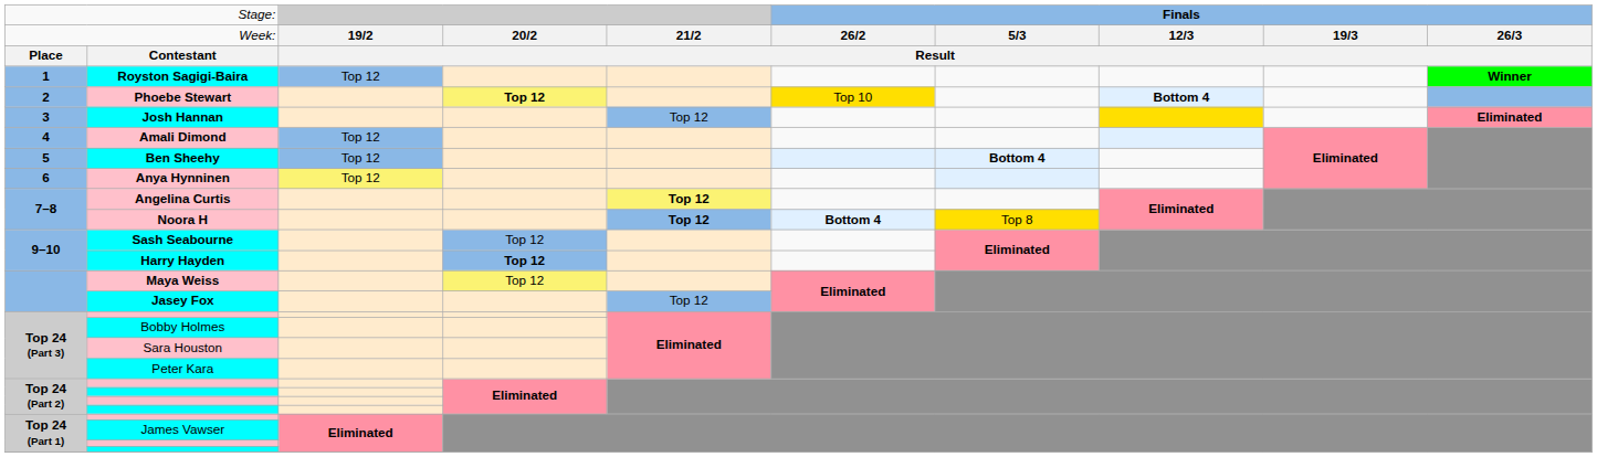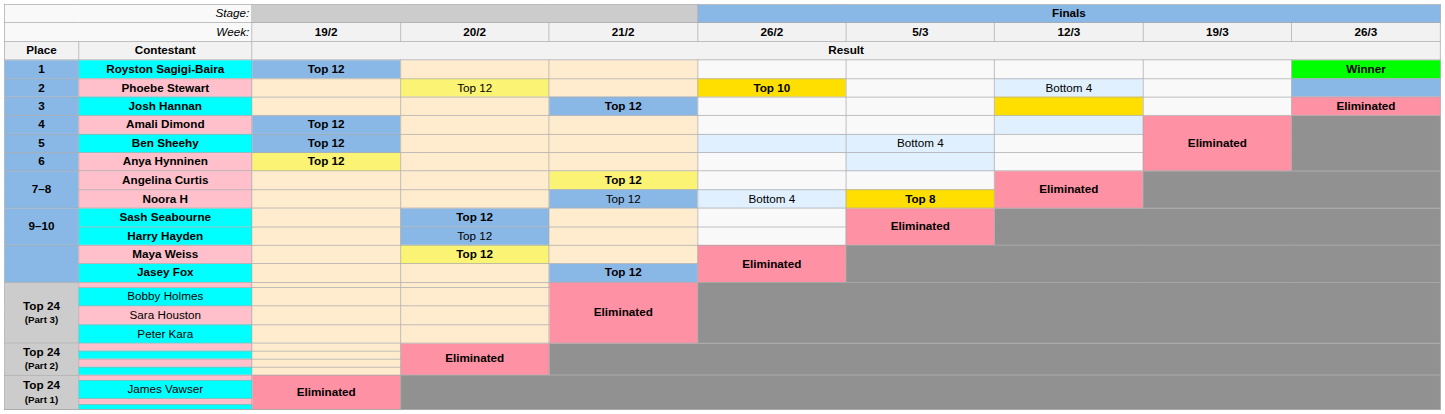 <table class="wikitable plainrowheaders" style="text-align:center;">
 <tr>
 <td colspan="2" style="text-align:right;"><em>Stage:</em></td>
 <td colspan="3"  width=6% style="background:#ccc;"></td>
 <td colspan=5 style="background:#8ab8e6;"><strong>Finals</strong></td>
 </tr>
 <tr>
 <td colspan="2" style="text-align:right;" width=10%><em>Week:</em></td>
 <th width=6%>19/2</th>
 <th width=6%>20/2</th>
 <th width=6%>21/2</th>
 <th width=6%>26/2</th>
 <th width=6%>5/3</th>
 <th width=6%>12/3</th>
 <th width=6%>19/3</th>
 <th width=6%>26/3</th>
 </tr>
 <tr>
 <th width=3%>Place</th>
 <th>Contestant</th>
 <th colspan="8">Result</th>
 </tr>
 <tr>
 <td style="background:#8ab8e6;"><strong>1</strong></td>
 <td style="background:cyan;"><strong>Royston Sagigi-Baira</strong></td>
-<td style="background:#8ab8e6;">Top 12</td>
+<td style="background:#8ab8e6;"><strong>Top 12</strong></td>
 <td style="background:#FFEBCD;"></td>
 <td style="background:#FFEBCD;"></td>
 <td></td>
 <td></td>
 <td></td>
 <td></td>
 <td rowspan=1 style="background:lime"><strong>Winner</strong></td>
 </tr>
 <tr>
 <td style="background:#8ab8e6;"><strong>2</strong></td>
 <td style="background:pink;"><strong>Phoebe Stewart</strong></td>
 <td style="background:#FFEBCD;"></td>
-<td style="background:#fbf373"><strong>Top 12</strong></td>
+<td style="background:#fbf373">Top 12</td>
 <td style="background:#FFEBCD;"></td>
-<td style="background:#ffdf00;">Top 10</td>
+<td style="background:#ffdf00;"><strong>Top 10</strong></td>
 <td></td>
-<td style="background:#e0f0ff;"><strong>Bottom 4</strong></td>
+<td style="background:#e0f0ff;">Bottom 4</td>
 <td></td>
 <td style="background:#8ab8e6;"></td>
 </tr>
 <tr>
 <td style="background:#8ab8e6;"><strong>3</strong></td>
 <td style="background:cyan;"><strong>Josh Hannan</strong></td>
 <td style="background:#FFEBCD;"></td>
 <td style="background:#FFEBCD;"></td>
-<td style="background:#8ab8e6;">Top 12</td>
+<td style="background:#8ab8e6;"><strong>Top 12</strong></td>
 <td></td>
 <td></td>
 <td style="background:#ffdf00;"></td>
 <td></td>
 <td rowspan=1 style="background:#FF91A4;"><strong>Eliminated</strong></td>
 </tr>
 <tr>
 <td style="background:#8ab8e6;"><strong>4</strong></td>
 <td style="background:pink;"><strong>Amali Dimond</strong></td>
-<td style="background:#8ab8e6;">Top 12</td>
+<td style="background:#8ab8e6;"><strong>Top 12</strong></td>
 <td style="background:#FFEBCD;"></td>
 <td style="background:#FFEBCD;"></td>
 <td></td>
 <td></td>
 <td style="background:#e0f0ff;"></td>
 <td rowspan=3 style="background:#FF91A4;"><strong>Eliminated</strong></td>
 <td colspan=2 rowspan=3 style="background:#919191;"></td>
 </tr>
 <tr>
 <td style="background:#8ab8e6;"><strong>5</strong></td>
 <td style="background:cyan;"><strong>Ben Sheehy</strong></td>
-<td style="background:#8ab8e6;">Top 12</td>
+<td style="background:#8ab8e6;"><strong>Top 12</strong></td>
 <td style="background:#FFEBCD;"></td>
 <td style="background:#FFEBCD;"></td>
 <td style="background:#e0f0ff;"></td>
-<td style="background:#e0f0ff;"><strong>Bottom 4</strong></td>
+<td style="background:#e0f0ff;">Bottom 4</td>
 <td></td>
 </tr>
 <tr>
 <td style="background:#8ab8e6;"><strong>6</strong></td>
 <td style="background:pink;"><strong>Anya Hynninen</strong></td>
-<td style="background:#fbf373">Top 12</td>
+<td style="background:#fbf373"><strong>Top 12</strong></td>
 <td style="background:#FFEBCD;"></td>
 <td style="background:#FFEBCD;"></td>
 <td></td>
 <td style="background:#e0f0ff;"></td>
 <td></td>
 </tr>
 <tr>
 <td style="background:#8ab8e6;" rowspan="2"><strong>7–8</strong></td>
 <td style="background:pink;"><strong>Angelina Curtis</strong></td>
 <td style="background:#FFEBCD;"></td>
 <td style="background:#FFEBCD;"></td>
 <td style="background:#fbf373"><strong>Top 12</strong></td>
 <td></td>
 <td></td>
 <td rowspan=2 style="background:#FF91A4;"><strong>Eliminated</strong></td>
 <td colspan=2 rowspan=2 style="background:#919191;"></td>
 </tr>
 <tr>
 <td style="background:pink;"><strong>Noora H</strong></td>
 <td style="background:#FFEBCD;"></td>
 <td style="background:#FFEBCD;"></td>
-<td style="background:#8ab8e6;"><strong>Top 12</strong></td>
-<td style="background:#e0f0ff;"><strong>Bottom 4</strong></td>
-<td style="background:#ffdf00;">Top 8</td>
+<td style="background:#8ab8e6;">Top 12</td>
+<td style="background:#e0f0ff;">Bottom 4</td>
+<td style="background:#ffdf00;"><strong>Top 8</strong></td>
 </tr>
 <tr>
 <td style="background:#8ab8e6;" rowspan="2"><strong>9–10</strong></td>
 <td style="background:cyan;"><strong>Sash Seabourne</strong></td>
 <td style="background:#FFEBCD;"></td>
-<td style="background:#8ab8e6;">Top 12</td>
+<td style="background:#8ab8e6;"><strong>Top 12</strong></td>
 <td style="background:#FFEBCD;"></td>
 <td></td>
 <td rowspan=2 style="background:#FF91A4;"><strong>Eliminated</strong></td>
 <td colspan=3 rowspan=2 style="background:#919191;"></td>
 </tr>
 <tr>
 <td style="background:cyan;"><strong>Harry Hayden</strong></td>
 <td style="background:#FFEBCD;"></td>
-<td style="background:#8ab8e6;"><strong>Top 12</strong></td>
+<td style="background:#8ab8e6;">Top 12</td>
 <td style="background:#FFEBCD;"></td>
 <td></td>
 </tr>
 <tr>
 <td style="background:#8ab8e6;" rowspan="2"></td>
 <td style="background:pink;"><strong>Maya Weiss</strong></td>
 <td style="background:#FFEBCD;"></td>
-<td style="background:#fbf373">Top 12</td>
+<td style="background:#fbf373"><strong>Top 12</strong></td>
 <td style="background:#FFEBCD;"></td>
 <td rowspan=2 style="background:#FF91A4;"><strong>Eliminated</strong></td>
 <td colspan=4 rowspan=2 style="background:#919191;"></td>
 </tr>
 <tr>
 <td style="background:cyan;"><strong>Jasey Fox</strong></td>
 <td style="background:#FFEBCD;"></td>
 <td style="background:#FFEBCD;"></td>
-<td style="background:#8ab8e6;">Top 12</td>
+<td style="background:#8ab8e6;"><strong>Top 12</strong></td>
 </tr>
 <tr>
 <td style="background:#ccc;" rowspan="4"><strong>Top 24<br><small>(Part 3)</small></strong></td>
 <td style="background:pink;"></td>
 <td style="background:#FFEBCD;"></td>
 <td style="background:#FFEBCD;"></td>
 <td style="background:#FF91A4;" rowspan="4"><strong>Eliminated</strong></td>
 <td style="background:#919191;" colspan="5" rowspan="4"></td>
 </tr>
 <tr>
 <td style="background:cyan;">Bobby Holmes</td>
 <td style="background:#FFEBCD;"></td>
 <td style="background:#FFEBCD;"></td>
 </tr>
 <tr>
 <td style="background:pink;">Sara Houston</td>
 <td style="background:#FFEBCD;"></td>
 <td style="background:#FFEBCD;"></td>
 </tr>
 <tr>
 <td style="background:cyan;">Peter Kara</td>
 <td style="background:#FFEBCD;"></td>
 <td style="background:#FFEBCD;"></td>
 </tr>
 <tr>
 <td style="background:#ccc;" rowspan="4"><strong>Top 24<br><small>(Part 2)</small></strong></td>
 <td style="background:pink;"></td>
 <td style="background:#FFEBCD;"></td>
 <td style="background:#FF91A4;" rowspan="4"><strong>Eliminated</strong></td>
 <td style="background:#919191;" colspan="6" rowspan="4"></td>
 </tr>
 <tr>
 <td style="background:cyan;"></td>
 <td style="background:#FFEBCD;"></td>
 </tr>
 <tr>
 <td style="background:pink;"></td>
 <td style="background:#FFEBCD;"></td>
 </tr>
 <tr>
 <td style="background:cyan;"></td>
 <td style="background:#FFEBCD;"></td>
 </tr>
 <tr>
 <td style="background:#ccc;" rowspan="4"><strong>Top 24<br><small>(Part 1)</small></strong></td>
 <td style="background:pink;"></td>
 <td style="background:#FF91A4;" rowspan="4"><strong>Eliminated</strong></td>
 <td style="background:#919191;" colspan="7" rowspan="4"></td>
 </tr>
 <tr>
 <td style="background:cyan;">James Vawser</td>
 </tr>
 <tr>
 <td style="background:pink;"></td>
 </tr>
 <tr>
 <td style="background:cyan;"></td>
 </tr>
 <tr>
 </tr>
 </table>
